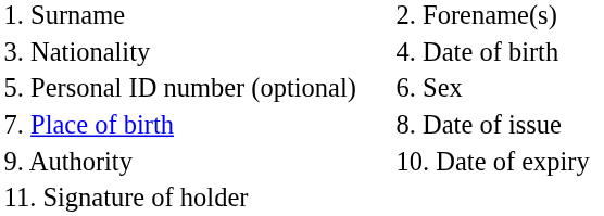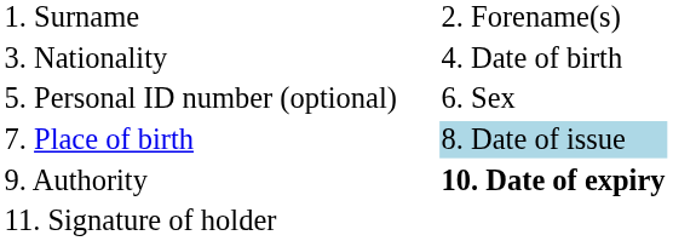 <table>
 <tr>
 <td>1. Surname</td>
 <td>2. Forename(s)</td>
 </tr>
 <tr>
 <td>3. Nationality</td>
 <td>4. Date of birth</td>
 </tr>
 <tr>
 <td>5. Personal ID number (optional)     </td>
 <td>6. Sex</td>
 </tr>
 <tr>
 <td>7. <a href='#'>Place of birth</a></td>
-<td>8. Date of issue</td>
+<td style="background: lightblue;">8. Date of issue</td>
 </tr>
 <tr>
 <td>9. Authority</td>
-<td>10. Date of expiry</td>
+<td><strong>10. Date of expiry</strong></td>
 </tr>
 <tr>
 <td>11. Signature of holder</td>
 </tr>
 </table>
